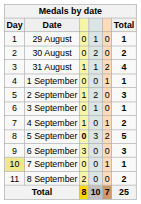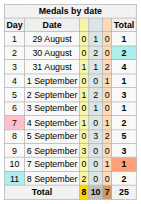 <table class=wikitable style="font-size:85%;float:left;">
 <tr bgcolor=efefef>
 <th colspan=6>Medals by date</th>
 </tr>
 <tr align=center>
 <td bgcolor=#efefef><strong>Day</strong></td>
 <td bgcolor=#efefef><strong>Date</strong></td>
 <td bgcolor=#f7f6a8></td>
 <td bgcolor=#dce5e5></td>
 <td bgcolor=#ffdab9></td>
 <td bgcolor=#efefef><strong>Total</strong></td>
 </tr>
 <tr align=center>
 <td>1</td>
 <td>29 August</td>
 <td bgcolor=F7F6A8>0</td>
 <td bgcolor=DCE5E5>1</td>
 <td bgcolor=FFDAB9>0</td>
 <td><strong>1</strong></td>
 </tr>
 <tr align=center>
 <td>2</td>
 <td>30 August</td>
 <td bgcolor=F7F6A8>0</td>
 <td bgcolor=DCE5E5>2</td>
 <td bgcolor=FFDAB9>0</td>
-<td><strong>2</strong></td>
+<td style="background: paleturquoise;"><strong>2</strong></td>
 </tr>
 <tr align=center>
 <td>3</td>
 <td>31 August</td>
 <td bgcolor=F7F6A8>1</td>
 <td bgcolor=DCE5E5>1</td>
 <td bgcolor=FFDAB9>2</td>
 <td><strong>4</strong></td>
 </tr>
 <tr align=center>
 <td>4</td>
 <td>1 September</td>
 <td bgcolor=F7F6A8>0</td>
 <td bgcolor=DCE5E5>0</td>
 <td bgcolor=FFDAB9>1</td>
 <td><strong>1</strong></td>
 </tr>
 <tr align=center>
 <td>5</td>
 <td>2 September</td>
 <td bgcolor=F7F6A8>1</td>
 <td bgcolor=DCE5E5>2</td>
 <td bgcolor=FFDAB9>0</td>
 <td><strong>3</strong></td>
 </tr>
 <tr align=center>
 <td>6</td>
 <td>3 September</td>
 <td bgcolor=F7F6A8>0</td>
 <td bgcolor=DCE5E5>1</td>
 <td bgcolor=FFDAB9>0</td>
 <td><strong>1</strong></td>
 </tr>
 <tr align=center>
-<td>7</td>
+<td style="background: pink;">7</td>
 <td>4 September</td>
 <td bgcolor=F7F6A8>1</td>
 <td bgcolor=DCE5E5>0</td>
 <td bgcolor=FFDAB9>1</td>
 <td><strong>2</strong></td>
 </tr>
 <tr align=center>
 <td>8</td>
 <td>5 September</td>
-<td bgcolor=F7F6A8><strong>0</strong></td>
+<td bgcolor=F7F6A8>0</td>
 <td bgcolor=DCE5E5>3</td>
 <td bgcolor=FFDAB9>2</td>
 <td><strong>5</strong></td>
 </tr>
 <tr align=center>
 <td>9</td>
 <td>6 September</td>
 <td bgcolor=F7F6A8>3</td>
 <td bgcolor=DCE5E5>0</td>
 <td bgcolor=FFDAB9>0</td>
 <td><strong>3</strong></td>
 </tr>
 <tr align=center>
-<td style="background: khaki;">10</td>
+<td>10</td>
 <td>7 September</td>
 <td bgcolor=F7F6A8>0</td>
 <td bgcolor=DCE5E5>0</td>
 <td bgcolor=FFDAB9>1</td>
-<td><strong>1</strong></td>
+<td style="background: lightsalmon;"><strong>1</strong></td>
 </tr>
 <tr align=center>
-<td>11</td>
+<td style="background: paleturquoise;">11</td>
 <td>8 September</td>
 <td bgcolor=F7F6A8>2</td>
 <td bgcolor=DCE5E5>0</td>
 <td bgcolor=FFDAB9>0</td>
 <td><strong>2</strong></td>
 </tr>
 <tr>
 <th colspan=2>Total</th>
 <th style="background:gold">8</th>
 <th style="background:silver">10</th>
 <th style="background:#c96">7</th>
 <th>25</th>
 </tr>
 </table>
